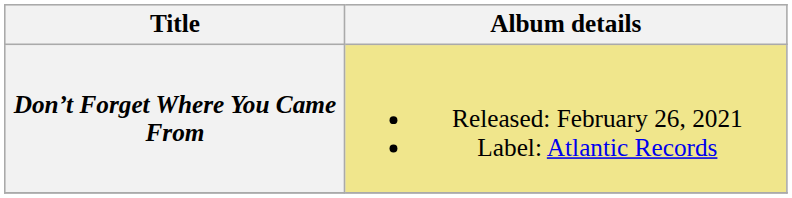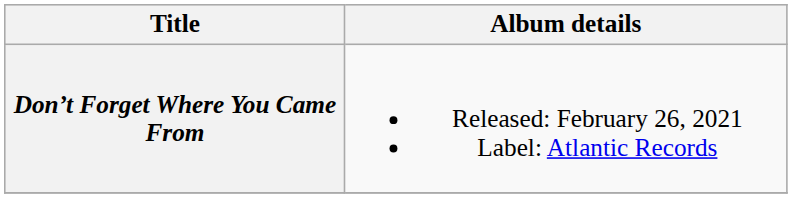 <table class="wikitable plainrowheaders" style="text-align:center;">
 <tr>
 <th scope="col" style="width:13em;">Title</th>
 <th scope="col" style="width:17em;">Album details</th>
 </tr>
 <tr>
 <th scope="row"><em>Don’t Forget Where You Came From</em></th>
-<td style="background: khaki;"><br><ul><li>Released: February 26, 2021</li><li>Label: <a href='#'>Atlantic Records</a></li></ul></td>
+<td><br><ul><li>Released: February 26, 2021</li><li>Label: <a href='#'>Atlantic Records</a></li></ul></td>
 </tr>
 <tr>
 </tr>
 </table>
